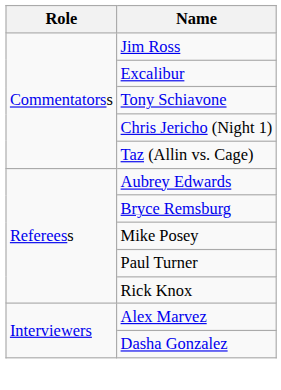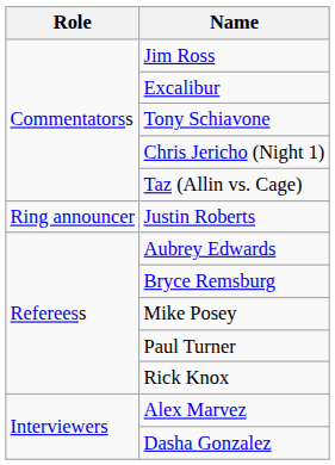 <table class=wikitable style="font-size:90%; margin: 0.5em 0 0.5em 1em; float: right; clear: right;">
 <tr>
 <th>Role</th>
 <th>Name</th>
 </tr>
 <tr>
 <td rowspan=5><a href='#'>Commentators</a>s</td>
 <td><a href='#'>Jim Ross</a></td>
 </tr>
 <tr>
 <td><a href='#'>Excalibur</a></td>
 </tr>
 <tr>
 <td><a href='#'>Tony Schiavone</a></td>
 </tr>
 <tr>
 <td><a href='#'>Chris Jericho</a> (Night 1)</td>
 </tr>
 <tr>
 <td><a href='#'>Taz</a> (Allin vs. Cage)</td>
+</tr>
+<tr>
+<td rowspan=1><a href='#'>Ring announcer</a></td>
+<td><a href='#'>Justin Roberts</a></td>
 </tr>
 <tr>
 <td rowspan=5><a href='#'>Referees</a>s</td>
 <td><a href='#'>Aubrey Edwards</a></td>
 </tr>
 <tr>
 <td><a href='#'>Bryce Remsburg</a></td>
 </tr>
 <tr>
 <td>Mike Posey</td>
 </tr>
 <tr>
 <td>Paul Turner</td>
 </tr>
 <tr>
 <td>Rick Knox</td>
 </tr>
 <tr>
 <td rowspan=2><a href='#'>Interviewers</a></td>
 <td><a href='#'>Alex Marvez</a></td>
 </tr>
 <tr>
 <td><a href='#'>Dasha Gonzalez</a></td>
 </tr>
 </table>
